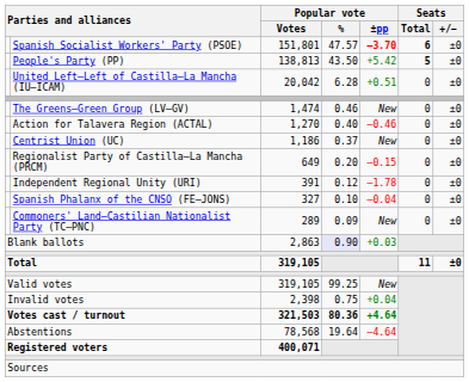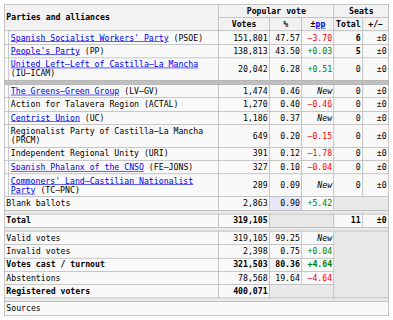 <table class="wikitable" style="text-align:right;">
 <tr>
 <th style="text-align:left;" rowspan="2" colspan="2" width="525">Parties and alliances</th>
 <th colspan="3">Popular vote</th>
 <th colspan="2">Seats</th>
 </tr>
 <tr>
 <th width="75">Votes</th>
 <th width="45">%</th>
 <th width="45">±<a href='#'>pp</a></th>
 <th width="35">Total</th>
 <th width="35">+/−</th>
 </tr>
 <tr>
 <td width="1" style="color:inherit;background:"></td>
 <td align="left"><a href='#'>Spanish Socialist Workers' Party</a> (PSOE)</td>
 <td>151,801</td>
 <td>47.57</td>
-<td style="color:red;"><strong>–3.70</strong></td>
+<td style="color:red;">–3.70</td>
 <td><strong>6</strong></td>
 <td>±0</td>
 </tr>
 <tr>
 <td style="color:inherit;background:"></td>
 <td align="left"><a href='#'>People's Party</a> (PP)</td>
 <td>138,813</td>
 <td>43.50</td>
-<td style="color:green;">+5.42</td>
+<td style="color:green;">+0.03</td>
 <td><strong>5</strong></td>
 <td>±0</td>
 </tr>
 <tr>
 <td style="color:inherit;background:"></td>
 <td align="left"><a href='#'>United Left–Left of Castilla–La Mancha</a> (IU–ICAM)</td>
 <td>20,042</td>
 <td>6.28</td>
 <td style="color:green;">+0.51</td>
 <td>0</td>
 <td>±0</td>
 </tr>
 <tr>
 <td colspan="7" bgcolor="#C0C0C0"></td>
 </tr>
 <tr>
 <td style="color:inherit;background:"></td>
 <td align="left"><a href='#'>The Greens–Green Group</a> (LV–GV)</td>
 <td>1,474</td>
 <td>0.46</td>
 <td><em>New</em></td>
 <td>0</td>
 <td>±0</td>
 </tr>
 <tr>
 <td style="color:inherit;background:"></td>
 <td align="left">Action for Talavera Region (ACTAL)</td>
 <td>1,270</td>
 <td>0.40</td>
 <td style="color:red;">–0.46</td>
 <td>0</td>
 <td>±0</td>
 </tr>
 <tr>
 <td style="color:inherit;background:"></td>
 <td align="left"><a href='#'>Centrist Union</a> (UC)</td>
 <td>1,186</td>
 <td>0.37</td>
 <td><em>New</em></td>
 <td>0</td>
 <td>±0</td>
 </tr>
 <tr>
 <td style="color:inherit;background:"></td>
 <td align="left">Regionalist Party of Castilla–La Mancha (PRCM)</td>
 <td>649</td>
 <td>0.20</td>
 <td style="color:red;">–0.15</td>
 <td>0</td>
 <td>±0</td>
 </tr>
 <tr>
 <td style="color:inherit;background:"></td>
 <td align="left">Independent Regional Unity (URI)</td>
 <td>391</td>
 <td>0.12</td>
 <td style="color:red;">–1.78</td>
 <td>0</td>
 <td>±0</td>
 </tr>
 <tr>
 <td style="color:inherit;background:"></td>
 <td align="left"><a href='#'>Spanish Phalanx of the CNSO</a> (FE–JONS)</td>
 <td>327</td>
 <td>0.10</td>
 <td style="color:red;">–0.04</td>
 <td>0</td>
 <td>±0</td>
 </tr>
 <tr>
 <td style="color:inherit;background:"></td>
 <td align="left"><a href='#'>Commoners' Land–Castilian Nationalist Party</a> (TC–PNC)</td>
 <td>289</td>
 <td>0.09</td>
 <td><em>New</em></td>
 <td>0</td>
 <td>±0</td>
 </tr>
 <tr>
 <td align="left" colspan="2">Blank ballots</td>
 <td>2,863</td>
 <td style="background: lavender;">0.90</td>
-<td style="color:green;">+0.03</td>
+<td style="color:green;">+5.42</td>
 <td bgcolor="#E9E9E9" colspan="2"></td>
 </tr>
 <tr>
 <td colspan="7" bgcolor="#E9E9E9"></td>
 </tr>
 <tr style="font-weight:bold;">
 <td align="left" colspan="2">Total</td>
 <td>319,105</td>
 <td bgcolor="#E9E9E9" colspan="2"></td>
 <td>11</td>
 <td>±0</td>
 </tr>
 <tr>
 <td colspan="7" bgcolor="#E9E9E9"></td>
 </tr>
 <tr>
 <td align="left" colspan="2">Valid votes</td>
 <td>319,105</td>
 <td>99.25</td>
 <td><em>New</em></td>
 <td bgcolor="#E9E9E9" colspan="2" rowspan="5"></td>
 </tr>
 <tr>
 <td align="left" colspan="2">Invalid votes</td>
 <td>2,398</td>
 <td>0.75</td>
 <td style="color:green;">+0.04</td>
 </tr>
 <tr style="font-weight:bold;">
 <td align="left" colspan="2">Votes cast / turnout</td>
 <td>321,503</td>
 <td>80.36</td>
 <td style="color:green;">+4.64</td>
 </tr>
 <tr>
 <td align="left" colspan="2">Abstentions</td>
 <td>78,568</td>
 <td>19.64</td>
 <td style="color:red;">–4.64</td>
 </tr>
 <tr style="font-weight:bold;">
 <td align="left" colspan="2">Registered voters</td>
 <td>400,071</td>
 <td bgcolor="#E9E9E9" colspan="2"></td>
 </tr>
 <tr>
 <td colspan="7" bgcolor="#E9E9E9"></td>
 </tr>
 <tr>
 <td align="left" colspan="7">Sources</td>
 </tr>
 </table>
